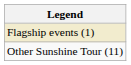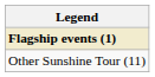 <table class="wikitable" style="font-size:95%;">
 <tr>
 <th>Legend</th>
 </tr>
 <tr style="background:#f2ecce;">
-<td>Flagship events (1)</td>
+<td><strong>Flagship events (1)</strong></td>
 </tr>
 <tr>
 <td>Other Sunshine Tour (11)</td>
 </tr>
 </table>
